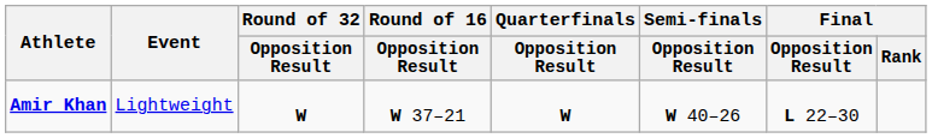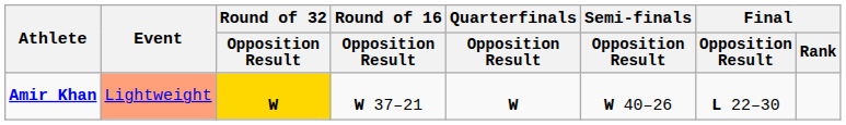 <table class="wikitable" style="font-size:90%">
 <tr>
 <th rowspan="2">Athlete</th>
 <th rowspan="2">Event</th>
 <th>Round of 32</th>
 <th>Round of 16</th>
 <th>Quarterfinals</th>
 <th>Semi-finals</th>
 <th colspan=2>Final</th>
 </tr>
 <tr style="font-size:95%">
 <th>Opposition<br>Result</th>
 <th>Opposition<br>Result</th>
 <th>Opposition<br>Result</th>
 <th>Opposition<br>Result</th>
 <th>Opposition<br>Result</th>
 <th>Rank</th>
 </tr>
 <tr align=center>
 <td align=left><strong><a href='#'>Amir Khan</a></strong></td>
-<td align=left><a href='#'>Lightweight</a></td>
-<td><br><strong>W</strong> </td>
+<td align=left style="background: lightsalmon;"><a href='#'>Lightweight</a></td>
+<td style="background: gold;"><br><strong>W</strong> </td>
 <td><br><strong>W</strong> 37–21</td>
 <td><br><strong>W</strong> </td>
 <td><br><strong>W</strong> 40–26</td>
 <td><br><strong>L</strong> 22–30</td>
 <td></td>
 </tr>
 </table>
